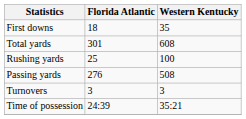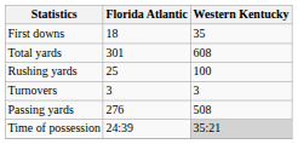 <table class="wikitable">
 <tr>
 <th>Statistics</th>
 <th>Florida Atlantic</th>
 <th>Western Kentucky</th>
 </tr>
 <tr>
 <td>First downs</td>
 <td>18</td>
 <td>35</td>
 </tr>
 <tr>
 <td>Total yards</td>
 <td>301</td>
 <td>608</td>
 </tr>
 <tr>
 <td>Rushing yards</td>
 <td>25</td>
 <td>100</td>
 </tr>
 <tr>
+<td>Turnovers</td>
+<td>3</td>
+<td>3</td>
+</tr>
+<tr>
 <td>Passing yards</td>
 <td>276</td>
 <td>508</td>
 </tr>
 <tr>
-<td>Turnovers</td>
-<td>3</td>
-<td>3</td>
-</tr>
-<tr>
 <td>Time of possession</td>
 <td>24:39</td>
-<td>35:21</td>
+<td style="background: lightgrey;">35:21</td>
 </tr>
 <tr>
 </tr>
 </table>
